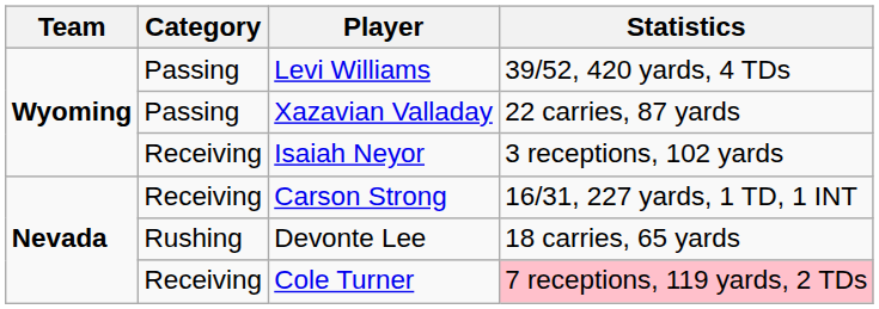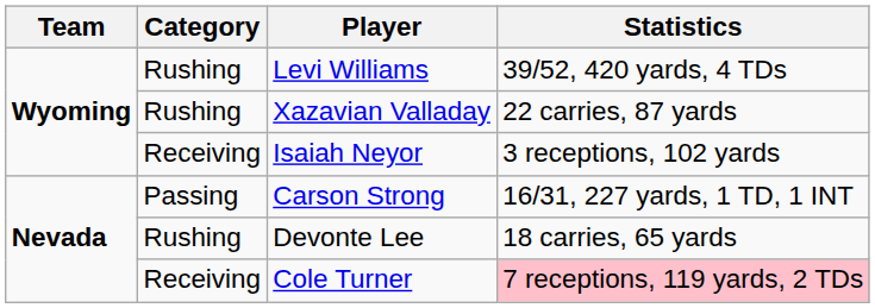 <table class="wikitable" style="float: left;">
 <tr>
 <th>Team</th>
 <th>Category</th>
 <th>Player</th>
 <th>Statistics</th>
 </tr>
 <tr>
 <td rowspan=3><strong>Wyoming</strong></td>
-<td>Passing</td>
+<td>Rushing</td>
 <td><a href='#'>Levi Williams</a></td>
 <td>39/52, 420 yards, 4 TDs</td>
 </tr>
 <tr>
-<td>Passing</td>
+<td>Rushing</td>
 <td><a href='#'>Xazavian Valladay</a></td>
 <td>22 carries, 87 yards</td>
 </tr>
 <tr>
 <td>Receiving</td>
 <td><a href='#'>Isaiah Neyor</a></td>
 <td>3 receptions, 102 yards</td>
 </tr>
 <tr>
 <td rowspan=3><strong>Nevada</strong></td>
-<td>Receiving</td>
+<td>Passing</td>
 <td><a href='#'>Carson Strong</a></td>
 <td>16/31, 227 yards, 1 TD, 1 INT</td>
 </tr>
 <tr>
 <td>Rushing</td>
 <td>Devonte Lee</td>
 <td>18 carries, 65 yards</td>
 </tr>
 <tr>
 <td>Receiving</td>
 <td><a href='#'>Cole Turner</a></td>
 <td style="background: pink;">7 receptions, 119 yards, 2 TDs</td>
 </tr>
 </table>
